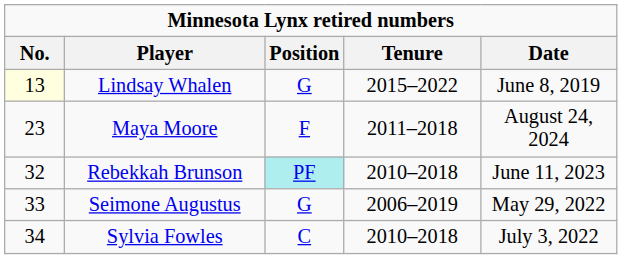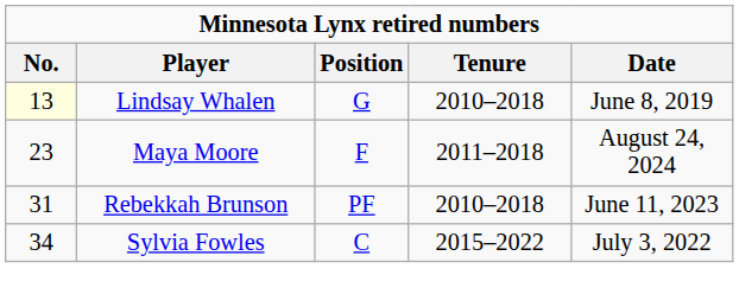 <table class="wikitable" style="text-align:center">
 <tr>
 <td colspan="5"><strong>Minnesota Lynx retired numbers</strong></td>
 </tr>
 <tr>
 <th style="width:40px; ">No.</th>
 <th style="width:150px; ">Player</th>
 <th style="width:40px; ">Position</th>
 <th style="width:100px; ">Tenure</th>
 <th style="width:100px; ">Date</th>
 </tr>
 <tr>
 <td style="background: lightyellow;">13</td>
 <td><a href='#'>Lindsay Whalen</a></td>
 <td><a href='#'>G</a></td>
-<td>2015–2022</td>
+<td>2010–2018</td>
 <td>June 8, 2019</td>
 </tr>
 <tr>
 <td>23</td>
 <td><a href='#'>Maya Moore</a></td>
 <td><a href='#'>F</a></td>
 <td>2011–2018</td>
 <td>August 24, 2024</td>
 </tr>
 <tr>
-<td>32</td>
+<td>31</td>
 <td><a href='#'>Rebekkah Brunson</a></td>
-<td style="background: paleturquoise;"><a href='#'>PF</a></td>
+<td><a href='#'>PF</a></td>
 <td>2010–2018</td>
 <td>June 11, 2023</td>
-</tr>
-<tr>
-<td>33</td>
-<td><a href='#'>Seimone Augustus</a></td>
-<td><a href='#'>G</a></td>
-<td>2006–2019</td>
-<td>May 29, 2022</td>
 </tr>
 <tr>
 <td>34</td>
 <td><a href='#'>Sylvia Fowles</a></td>
 <td><a href='#'>C</a></td>
-<td>2010–2018</td>
+<td>2015–2022</td>
 <td>July 3, 2022</td>
 </tr>
 </table>
